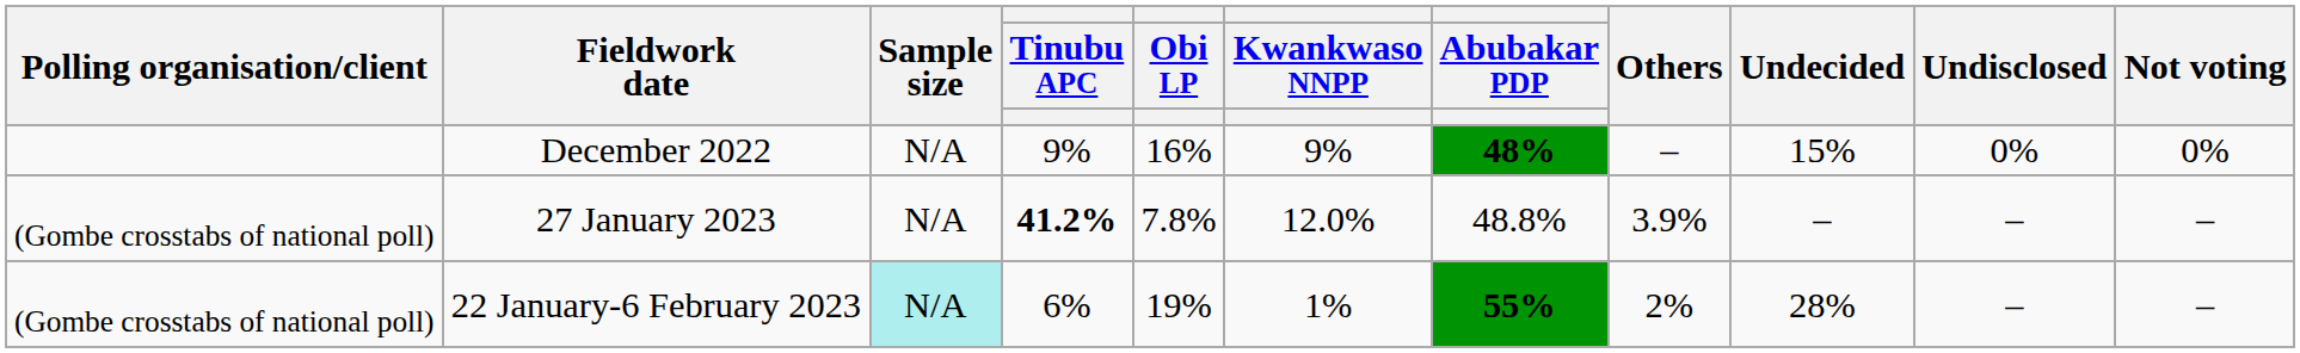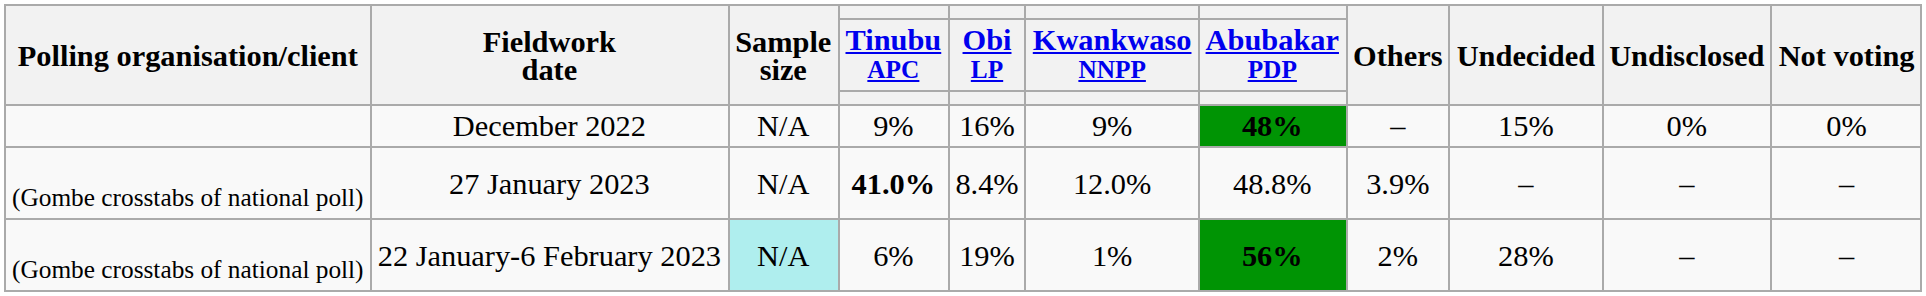 <table class="wikitable" style="text-align:center;font-size:95%;line-height:14px;">
 <tr>
 <th rowspan="3">Polling organisation/client</th>
 <th rowspan="3">Fieldwork<br>date</th>
 <th rowspan="3">Sample<br>size</th>
 <th></th>
 <th></th>
 <th></th>
 <th></th>
 <th rowspan="3">Others</th>
 <th rowspan="3">Undecided</th>
 <th rowspan="3">Undisclosed</th>
 <th rowspan="3">Not voting</th>
 </tr>
 <tr>
 <th><a href='#'>Tinubu</a><br><small><a href='#'>APC</a></small></th>
 <th><a href='#'>Obi</a><br><small><a href='#'>LP</a></small></th>
 <th><a href='#'>Kwankwaso</a><br><small><a href='#'>NNPP</a></small></th>
 <th><a href='#'>Abubakar</a><br><small><a href='#'>PDP</a></small></th>
 </tr>
 <tr>
 <th style="background:"></th>
 <th style="background:"></th>
 <th style="background:"></th>
 <th style="background:"></th>
 </tr>
 <tr>
 <td></td>
 <td>December 2022</td>
 <td>N/A</td>
 <td>9%</td>
 <td>16%</td>
 <td>9%</td>
 <td bgcolor=#009404><strong>48%</strong></td>
 <td>–</td>
 <td>15%</td>
 <td>0%</td>
 <td>0%</td>
 </tr>
 <tr>
 <td><br><small>(Gombe crosstabs of national poll)</small></td>
 <td>27 January 2023</td>
 <td>N/A</td>
-<td><strong>41.2%</strong></td>
-<td>7.8%</td>
+<td><strong>41.0%</strong></td>
+<td>8.4%</td>
 <td>12.0%</td>
 <td>48.8%</td>
 <td>3.9%</td>
 <td>–</td>
 <td>–</td>
 <td>–</td>
 </tr>
 <tr>
 <td><br><small>(Gombe crosstabs of national poll)</small></td>
 <td>22 January-6 February 2023</td>
 <td style="background: paleturquoise;">N/A</td>
 <td>6%</td>
 <td>19%</td>
 <td>1%</td>
-<td bgcolor=#009404><strong>55%</strong></td>
+<td bgcolor=#009404><strong>56%</strong></td>
 <td>2%</td>
 <td>28%</td>
 <td>–</td>
 <td>–</td>
 </tr>
 <tr>
 </tr>
 </table>
